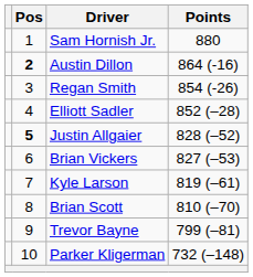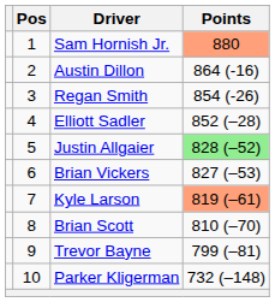 <table class="wikitable" style="font-size: 95%;">
 <tr>
 <th></th>
 <th>Pos</th>
 <th>Driver</th>
 <th>Points</th>
 </tr>
 <tr>
 <td align="left"></td>
 <td style="text-align:center;">1</td>
 <td><a href='#'>Sam Hornish Jr.</a></td>
-<td style="text-align:center;">880</td>
+<td style="background: lightsalmon; text-align:center;">880</td>
 </tr>
 <tr>
 <td align="left"></td>
-<td style="text-align:center;"><strong>2</strong></td>
+<td style="text-align:center;">2</td>
 <td><a href='#'>Austin Dillon</a></td>
 <td style="text-align:center;">864 (-16)</td>
 </tr>
 <tr>
 <td align="left"></td>
 <td style="text-align:center;">3</td>
 <td><a href='#'>Regan Smith</a></td>
 <td style="text-align:center;">854 (-26)</td>
 </tr>
 <tr>
 <td align="left"></td>
 <td style="text-align:center;">4</td>
 <td><a href='#'>Elliott Sadler</a></td>
 <td style="text-align:center;">852 (–28)</td>
 </tr>
 <tr>
 <td align="left"></td>
-<td style="text-align:center;"><strong>5</strong></td>
+<td style="text-align:center;">5</td>
 <td><a href='#'>Justin Allgaier</a></td>
-<td style="text-align:center;">828 (–52)</td>
+<td style="background: lightgreen; text-align:center;">828 (–52)</td>
 </tr>
 <tr>
 <td align="left"></td>
 <td style="text-align:center;">6</td>
 <td><a href='#'>Brian Vickers</a></td>
 <td style="text-align:center;">827 (–53)</td>
 </tr>
 <tr>
 <td align="left"></td>
 <td style="text-align:center;">7</td>
 <td><a href='#'>Kyle Larson</a></td>
-<td style="text-align:center;">819 (–61)</td>
+<td style="background: lightsalmon; text-align:center;">819 (–61)</td>
 </tr>
 <tr>
 <td align="left"></td>
 <td style="text-align:center;">8</td>
 <td><a href='#'>Brian Scott</a></td>
 <td style="text-align:center;">810 (–70)</td>
 </tr>
 <tr>
 <td align="left"></td>
 <td style="text-align:center;">9</td>
 <td><a href='#'>Trevor Bayne</a></td>
 <td style="text-align:center;">799 (–81)</td>
 </tr>
 <tr>
 <td align="left"></td>
 <td style="text-align:center;">10</td>
 <td><a href='#'>Parker Kligerman</a></td>
 <td style="text-align:center;">732 (–148)</td>
 </tr>
 <tr class="sortbottom">
 <th colspan="9"></th>
 </tr>
 </table>
